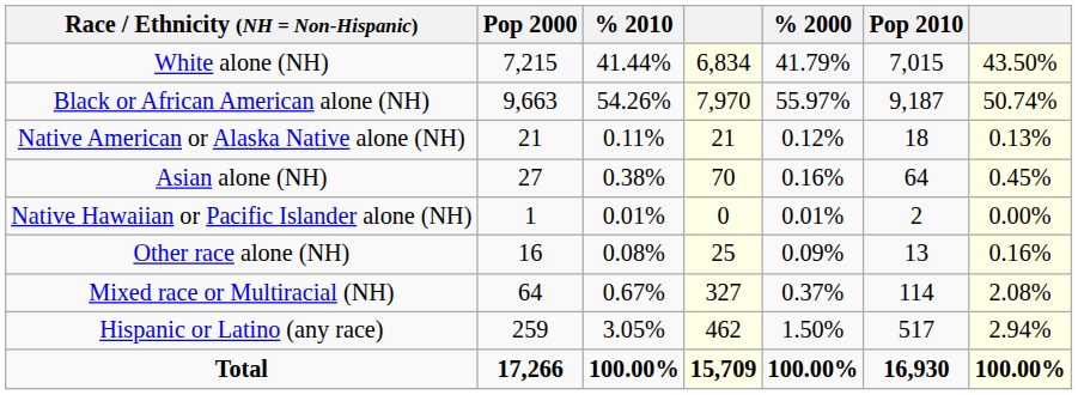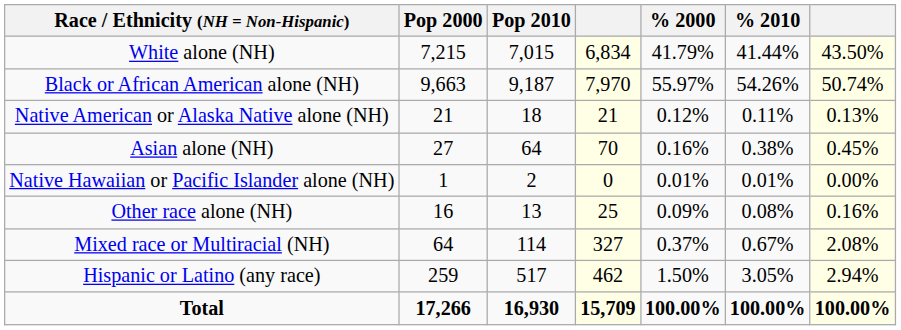 <table class="wikitable" style="text-align:center;">
 <tr>
 <th>Race / Ethnicity <small>(<em>NH = Non-Hispanic</em>)</small></th>
 <th>Pop 2000</th>
-<th>% 2010</th>
+<th>Pop 2010</th>
 <th></th>
 <th>% 2000</th>
-<th>Pop 2010</th>
+<th>% 2010</th>
 <th></th>
 </tr>
 <tr>
 <td><a href='#'>White</a> alone (NH)</td>
 <td>7,215</td>
-<td>41.44%</td>
+<td>7,015</td>
 <td style='background: #ffffe6;'>6,834</td>
 <td>41.79%</td>
-<td>7,015</td>
+<td>41.44%</td>
 <td style='background: #ffffe6;'>43.50%</td>
 </tr>
 <tr>
 <td><a href='#'>Black or African American</a> alone (NH)</td>
 <td>9,663</td>
-<td>54.26%</td>
+<td>9,187</td>
 <td style='background: #ffffe6;'>7,970</td>
 <td>55.97%</td>
-<td>9,187</td>
+<td>54.26%</td>
 <td style='background: #ffffe6;'>50.74%</td>
 </tr>
 <tr>
 <td><a href='#'>Native American</a> or <a href='#'>Alaska Native</a> alone (NH)</td>
 <td>21</td>
-<td>0.11%</td>
+<td>18</td>
 <td style='background: #ffffe6;'>21</td>
 <td>0.12%</td>
-<td>18</td>
+<td>0.11%</td>
 <td style='background: #ffffe6;'>0.13%</td>
 </tr>
 <tr>
 <td><a href='#'>Asian</a> alone (NH)</td>
 <td>27</td>
-<td>0.38%</td>
+<td>64</td>
 <td style='background: #ffffe6;'>70</td>
 <td>0.16%</td>
-<td>64</td>
+<td>0.38%</td>
 <td style='background: #ffffe6;'>0.45%</td>
 </tr>
 <tr>
 <td><a href='#'>Native Hawaiian</a> or <a href='#'>Pacific Islander</a> alone (NH)</td>
 <td>1</td>
-<td>0.01%</td>
+<td>2</td>
 <td style='background: #ffffe6;'>0</td>
 <td>0.01%</td>
-<td>2</td>
+<td>0.01%</td>
 <td style='background: #ffffe6;'>0.00%</td>
 </tr>
 <tr>
 <td><a href='#'>Other race</a> alone (NH)</td>
 <td>16</td>
-<td>0.08%</td>
+<td>13</td>
 <td style='background: #ffffe6;'>25</td>
 <td>0.09%</td>
-<td>13</td>
+<td>0.08%</td>
 <td style='background: #ffffe6;'>0.16%</td>
 </tr>
 <tr>
 <td><a href='#'>Mixed race or Multiracial</a> (NH)</td>
 <td>64</td>
-<td>0.67%</td>
+<td>114</td>
 <td style='background: #ffffe6;'>327</td>
 <td>0.37%</td>
-<td>114</td>
+<td>0.67%</td>
 <td style='background: #ffffe6;'>2.08%</td>
 </tr>
 <tr>
 <td><a href='#'>Hispanic or Latino</a> (any race)</td>
 <td>259</td>
-<td>3.05%</td>
+<td>517</td>
 <td style='background: #ffffe6;'>462</td>
 <td>1.50%</td>
-<td>517</td>
+<td>3.05%</td>
 <td style='background: #ffffe6;'>2.94%</td>
 </tr>
 <tr>
 <td><strong>Total</strong></td>
 <td><strong>17,266</strong></td>
-<td><strong>100.00%</strong></td>
+<td><strong>16,930</strong></td>
 <td style='background: #ffffe6;'><strong>15,709</strong></td>
 <td><strong>100.00%</strong></td>
-<td><strong>16,930</strong></td>
+<td><strong>100.00%</strong></td>
 <td style='background: #ffffe6;'><strong>100.00%</strong></td>
 </tr>
 </table>
